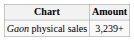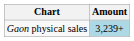 <table class="wikitable">
 <tr>
 <th>Chart</th>
 <th>Amount</th>
 </tr>
 <tr>
 <td><em>Gaon</em> physical sales</td>
-<td align="center">3,239+</td>
+<td align="center" style="background: lightblue;">3,239+</td>
 </tr>
 </table>
